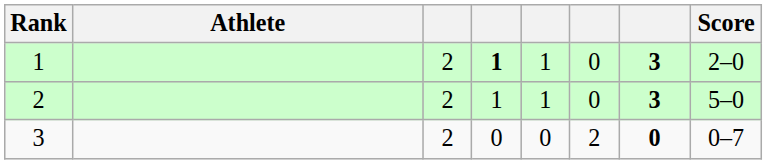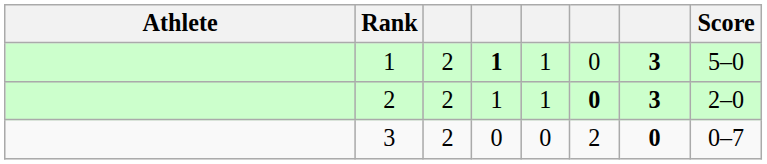 <table class="wikitable" style="text-align: center;">
 <tr>
+<th width=225>Athlete</th>
 <th width=25>Rank</th>
-<th width=225>Athlete</th>
 <th width=25></th>
 <th width=25></th>
 <th width=25></th>
 <th width=25></th>
 <th width=40></th>
 <th width=40>Score</th>
 </tr>
 <tr bgcolor=ccffcc>
+<td align=left></td>
 <td>1</td>
-<td align=left></td>
 <td>2</td>
 <td><strong>1</strong></td>
 <td>1</td>
 <td>0</td>
 <td><strong>3</strong></td>
-<td>2–0</td>
+<td>5–0</td>
 </tr>
 <tr bgcolor=ccffcc>
+<td align=left></td>
 <td>2</td>
-<td align=left></td>
 <td>2</td>
 <td>1</td>
 <td>1</td>
-<td>0</td>
+<td><strong>0</strong></td>
 <td><strong>3</strong></td>
-<td>5–0</td>
+<td>2–0</td>
 </tr>
 <tr>
+<td align=left></td>
 <td>3</td>
-<td align=left></td>
 <td>2</td>
 <td>0</td>
 <td>0</td>
 <td>2</td>
 <td><strong>0</strong></td>
 <td>0–7</td>
 </tr>
 </table>
